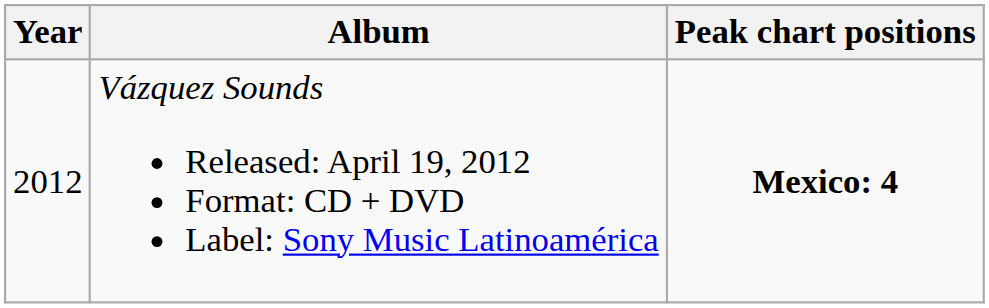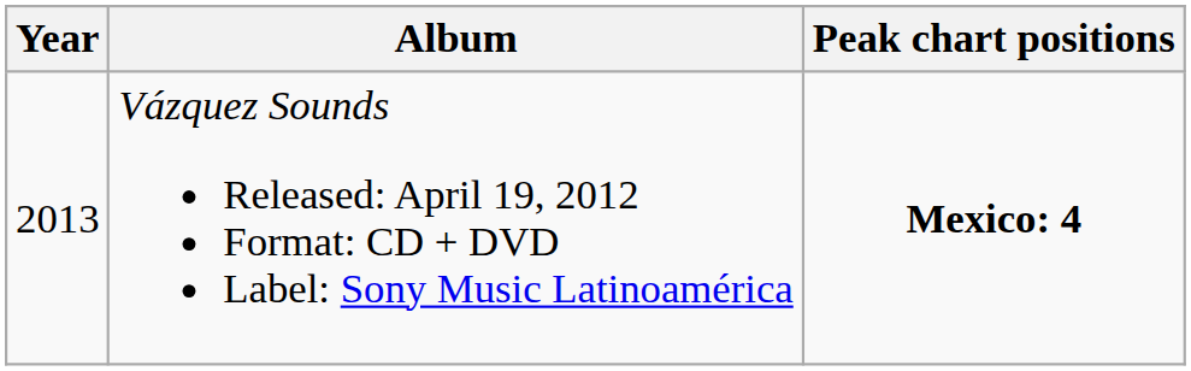 <table class="wikitable" style="text-align:center;">
 <tr>
 <th rowspan="1">Year</th>
 <th rowspan="1">Album</th>
 <th colspan="1">Peak chart positions</th>
 </tr>
 <tr>
-<td>2012</td>
+<td>2013</td>
 <td align="left"><em>Vázquez Sounds</em><br><ul><li>Released: April 19, 2012</li><li>Format: CD + DVD</li><li>Label: <a href='#'>Sony Music Latinoamérica</a></li></ul></td>
 <td><strong>Mexico: 4</strong></td>
 </tr>
 </table>
